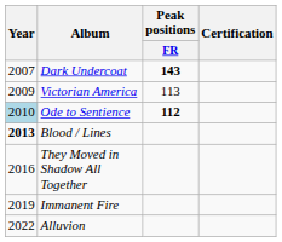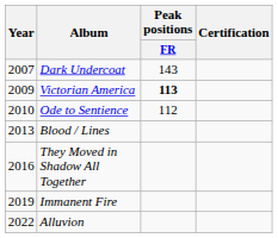 <table class="wikitable">
 <tr>
 <th align="center" rowspan="2" width="10">Year</th>
 <th align="center" rowspan="2" width="120">Album</th>
 <th align="center" colspan="1" width="20">Peak positions</th>
 <th align="center" rowspan="2" width="70">Certification</th>
 </tr>
 <tr>
 <th scope="col" style="width:3em;font-size:90%;"><a href='#'>FR</a><br></th>
 </tr>
 <tr>
 <td style="text-align:center;">2007</td>
 <td><em><a href='#'>Dark Undercoat</a></em></td>
-<td style="text-align:center;"><strong>143</strong></td>
+<td style="text-align:center;">143</td>
 <td style="text-align:center;"></td>
 </tr>
 <tr>
 <td style="text-align:center;">2009</td>
 <td><em><a href='#'>Victorian America</a></em></td>
-<td style="text-align:center;">113</td>
+<td style="text-align:center;"><strong>113</strong></td>
 <td style="text-align:center;"></td>
 </tr>
 <tr>
-<td style="background: lightblue; text-align:center;">2010</td>
+<td style="text-align:center;">2010</td>
 <td><em><a href='#'>Ode to Sentience</a></em></td>
-<td style="text-align:center;"><strong>112</strong></td>
+<td style="text-align:center;">112</td>
 <td style="text-align:center;"></td>
 </tr>
 <tr>
-<td style="text-align:center;"><strong>2013</strong></td>
+<td style="text-align:center;">2013</td>
 <td><em>Blood / Lines</em></td>
 <td style="text-align:center;"></td>
 <td style="text-align:center;"></td>
 </tr>
 <tr>
 <td style="text-align:center;">2016</td>
 <td><em>They Moved in Shadow All Together</em></td>
 <td style="text-align:center;"></td>
 <td style="text-align:center;"></td>
 </tr>
 <tr>
 <td style="text-align:center;">2019</td>
 <td><em>Immanent Fire</em></td>
 <td style="text-align:center;"></td>
 <td style="text-align:center;"></td>
 </tr>
 <tr>
 <td style="text-align:center;">2022</td>
 <td><em>Alluvion</em></td>
 <td style="text-align:center;"></td>
 <td style="text-align:center;"></td>
 </tr>
 </table>
